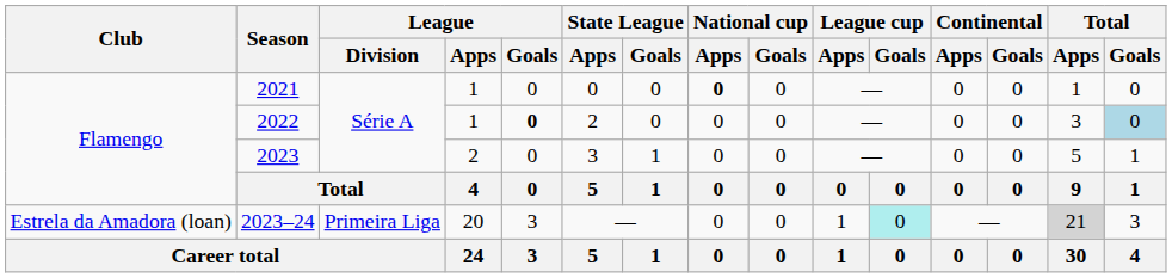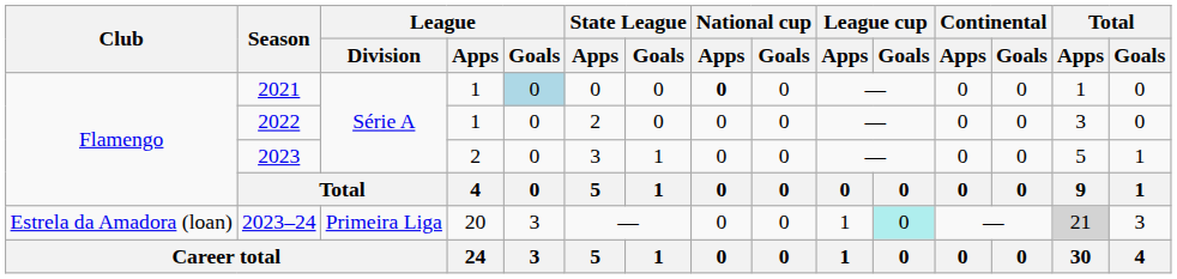 <table class="wikitable" style="text-align: center">
 <tr>
 <th rowspan="2">Club</th>
 <th rowspan="2">Season</th>
 <th colspan="3">League</th>
 <th colspan="2">State League</th>
 <th colspan="2">National cup</th>
 <th colspan="2">League cup</th>
 <th colspan="2">Continental</th>
 <th colspan="2">Total</th>
 </tr>
 <tr>
 <th>Division</th>
 <th>Apps</th>
 <th>Goals</th>
 <th>Apps</th>
 <th>Goals</th>
 <th>Apps</th>
 <th>Goals</th>
 <th>Apps</th>
 <th>Goals</th>
 <th>Apps</th>
 <th>Goals</th>
 <th>Apps</th>
 <th>Goals</th>
 </tr>
 <tr>
 <td rowspan="4"><a href='#'>Flamengo</a></td>
 <td><a href='#'>2021</a></td>
 <td rowspan="3"><a href='#'>Série A</a></td>
 <td>1</td>
-<td>0</td>
+<td style="background: lightblue;">0</td>
 <td>0</td>
 <td>0</td>
 <td><strong>0</strong></td>
 <td>0</td>
 <td colspan="2">—</td>
 <td>0</td>
 <td>0</td>
 <td>1</td>
 <td>0</td>
 </tr>
 <tr>
 <td><a href='#'>2022</a></td>
 <td>1</td>
-<td><strong>0</strong></td>
+<td>0</td>
 <td>2</td>
 <td>0</td>
 <td>0</td>
 <td>0</td>
 <td colspan="2">—</td>
 <td>0</td>
 <td>0</td>
 <td>3</td>
-<td style="background: lightblue;">0</td>
+<td>0</td>
 </tr>
 <tr>
 <td><a href='#'>2023</a></td>
 <td>2</td>
 <td>0</td>
 <td>3</td>
 <td>1</td>
 <td>0</td>
 <td>0</td>
 <td colspan="2">—</td>
 <td>0</td>
 <td>0</td>
 <td>5</td>
 <td>1</td>
 </tr>
 <tr>
 <th colspan="2">Total</th>
 <th>4</th>
 <th>0</th>
 <th>5</th>
 <th>1</th>
 <th>0</th>
 <th>0</th>
 <th>0</th>
 <th>0</th>
 <th>0</th>
 <th>0</th>
 <th>9</th>
 <th>1</th>
 </tr>
 <tr>
 <td><a href='#'>Estrela da Amadora</a> (loan)</td>
 <td><a href='#'>2023–24</a></td>
 <td><a href='#'>Primeira Liga</a></td>
 <td>20</td>
 <td>3</td>
 <td colspan="2">—</td>
 <td>0</td>
 <td>0</td>
 <td>1</td>
 <td style="background: paleturquoise;">0</td>
 <td colspan="2">—</td>
 <td style="background: lightgrey;">21</td>
 <td>3</td>
 </tr>
 <tr>
 <th colspan="3">Career total</th>
 <th>24</th>
 <th>3</th>
 <th>5</th>
 <th>1</th>
 <th>0</th>
 <th>0</th>
 <th>1</th>
 <th>0</th>
 <th>0</th>
 <th>0</th>
 <th>30</th>
 <th>4</th>
 </tr>
 </table>
